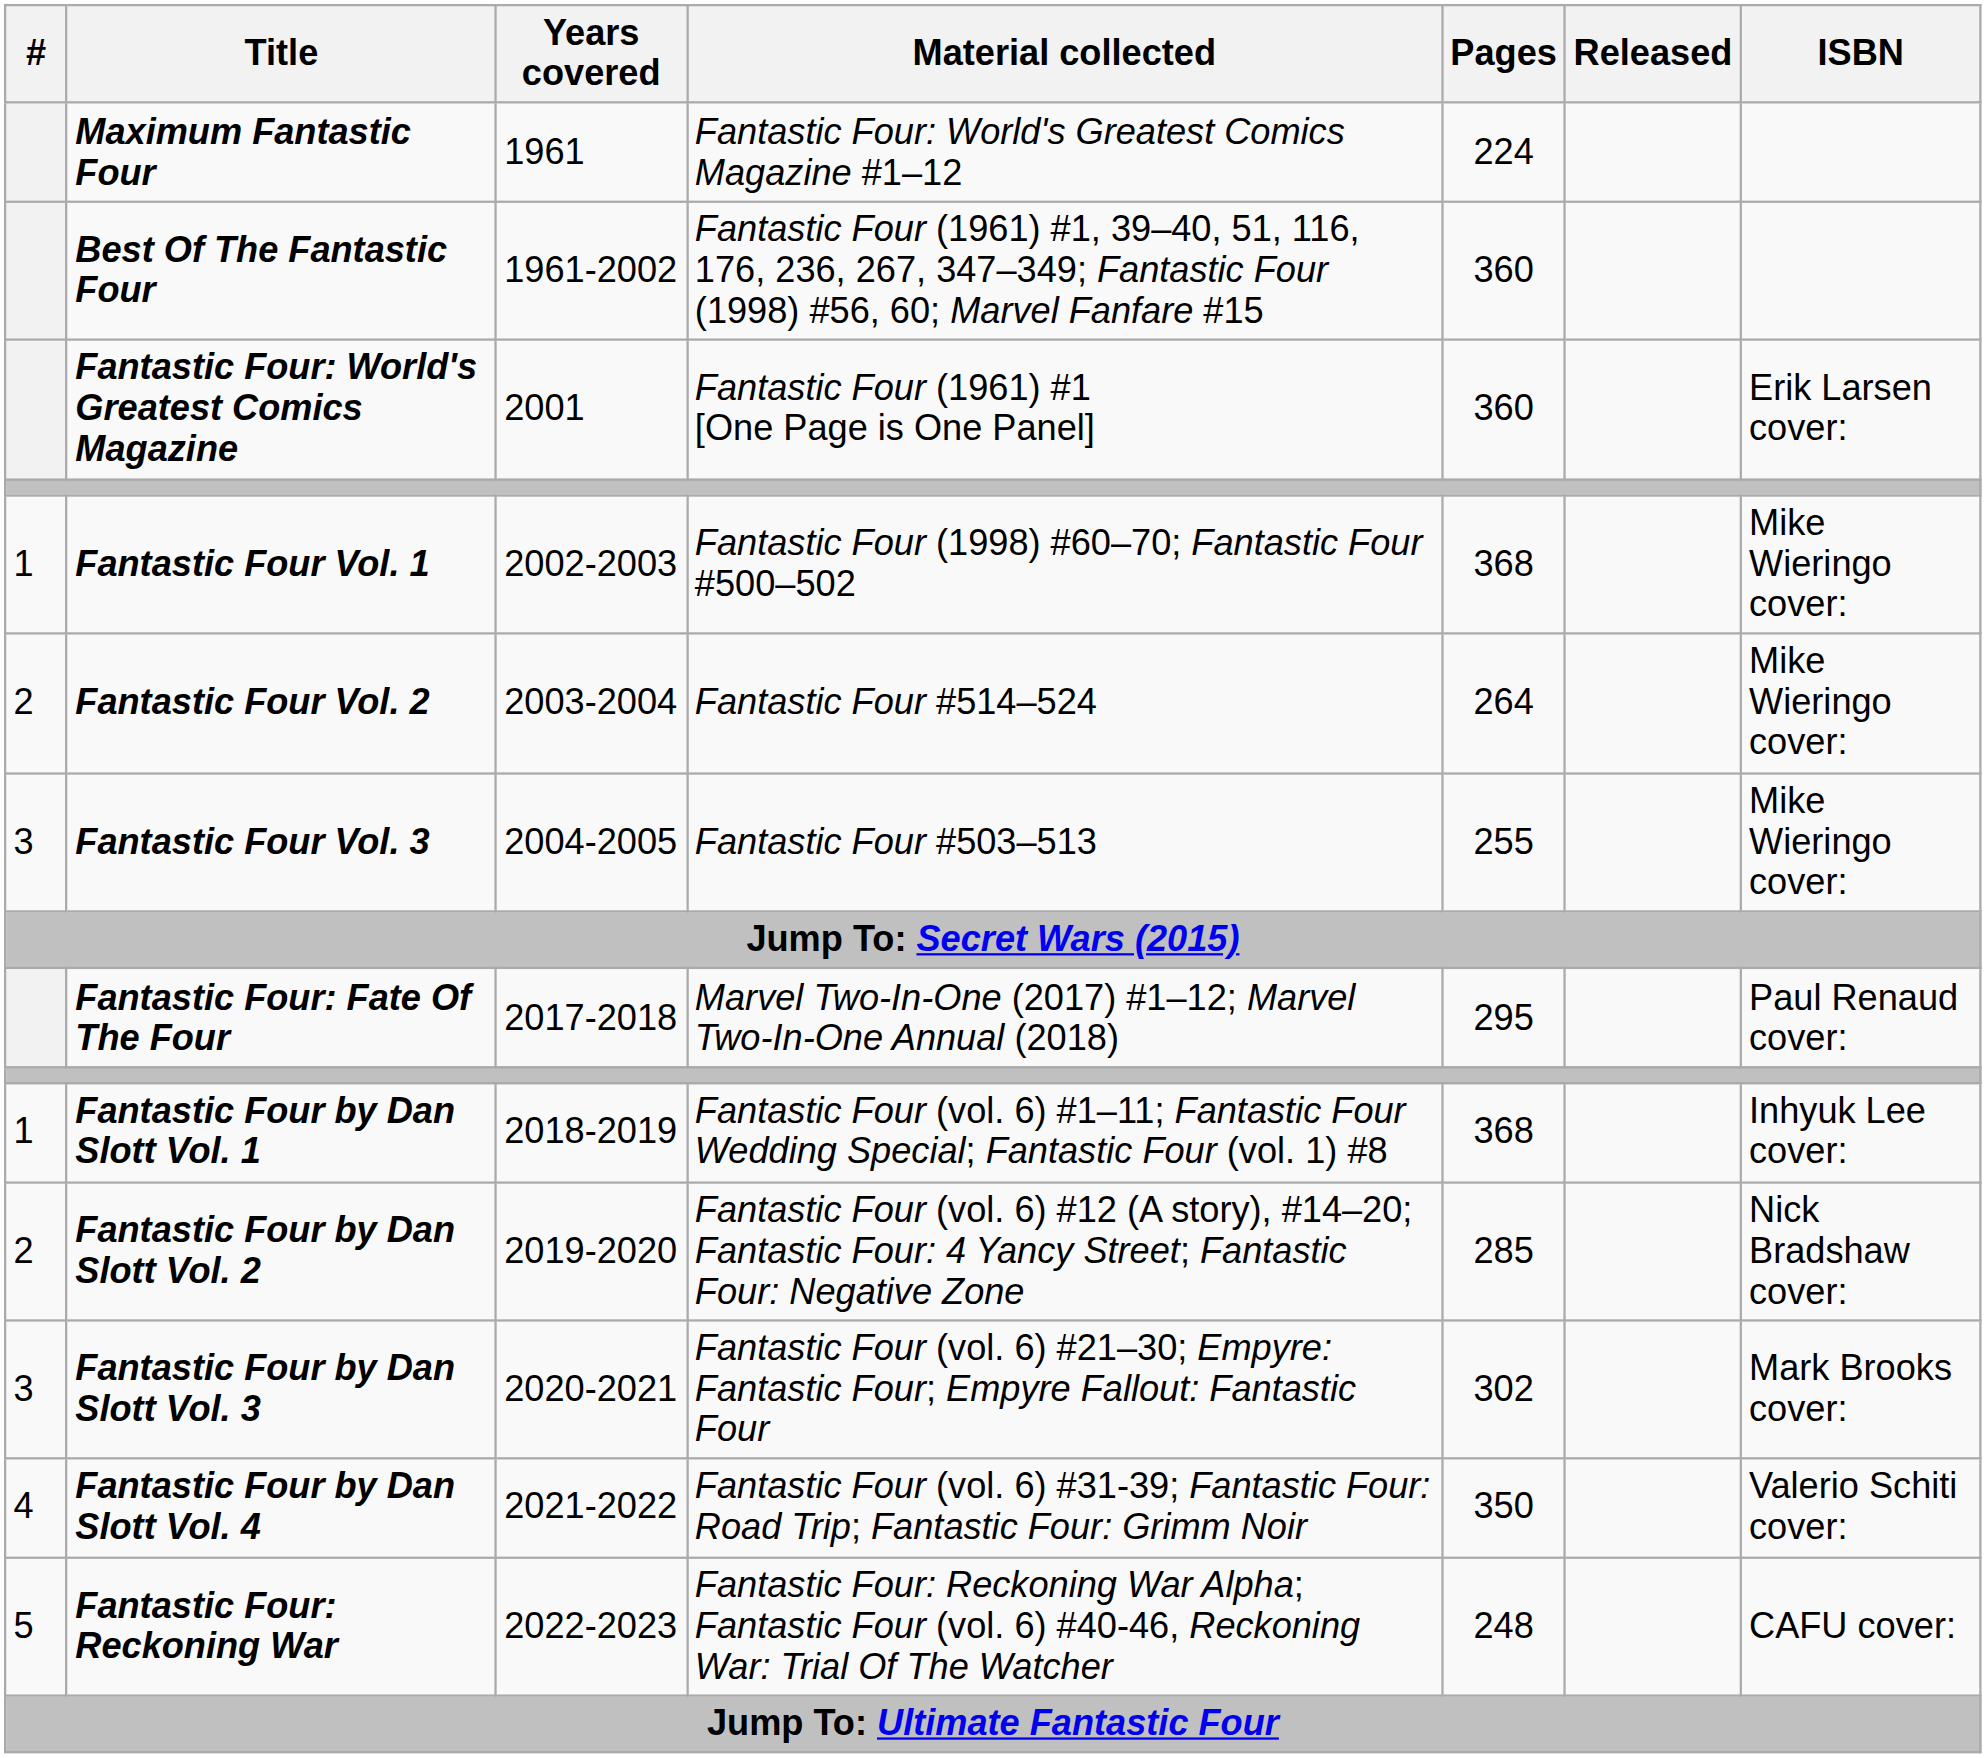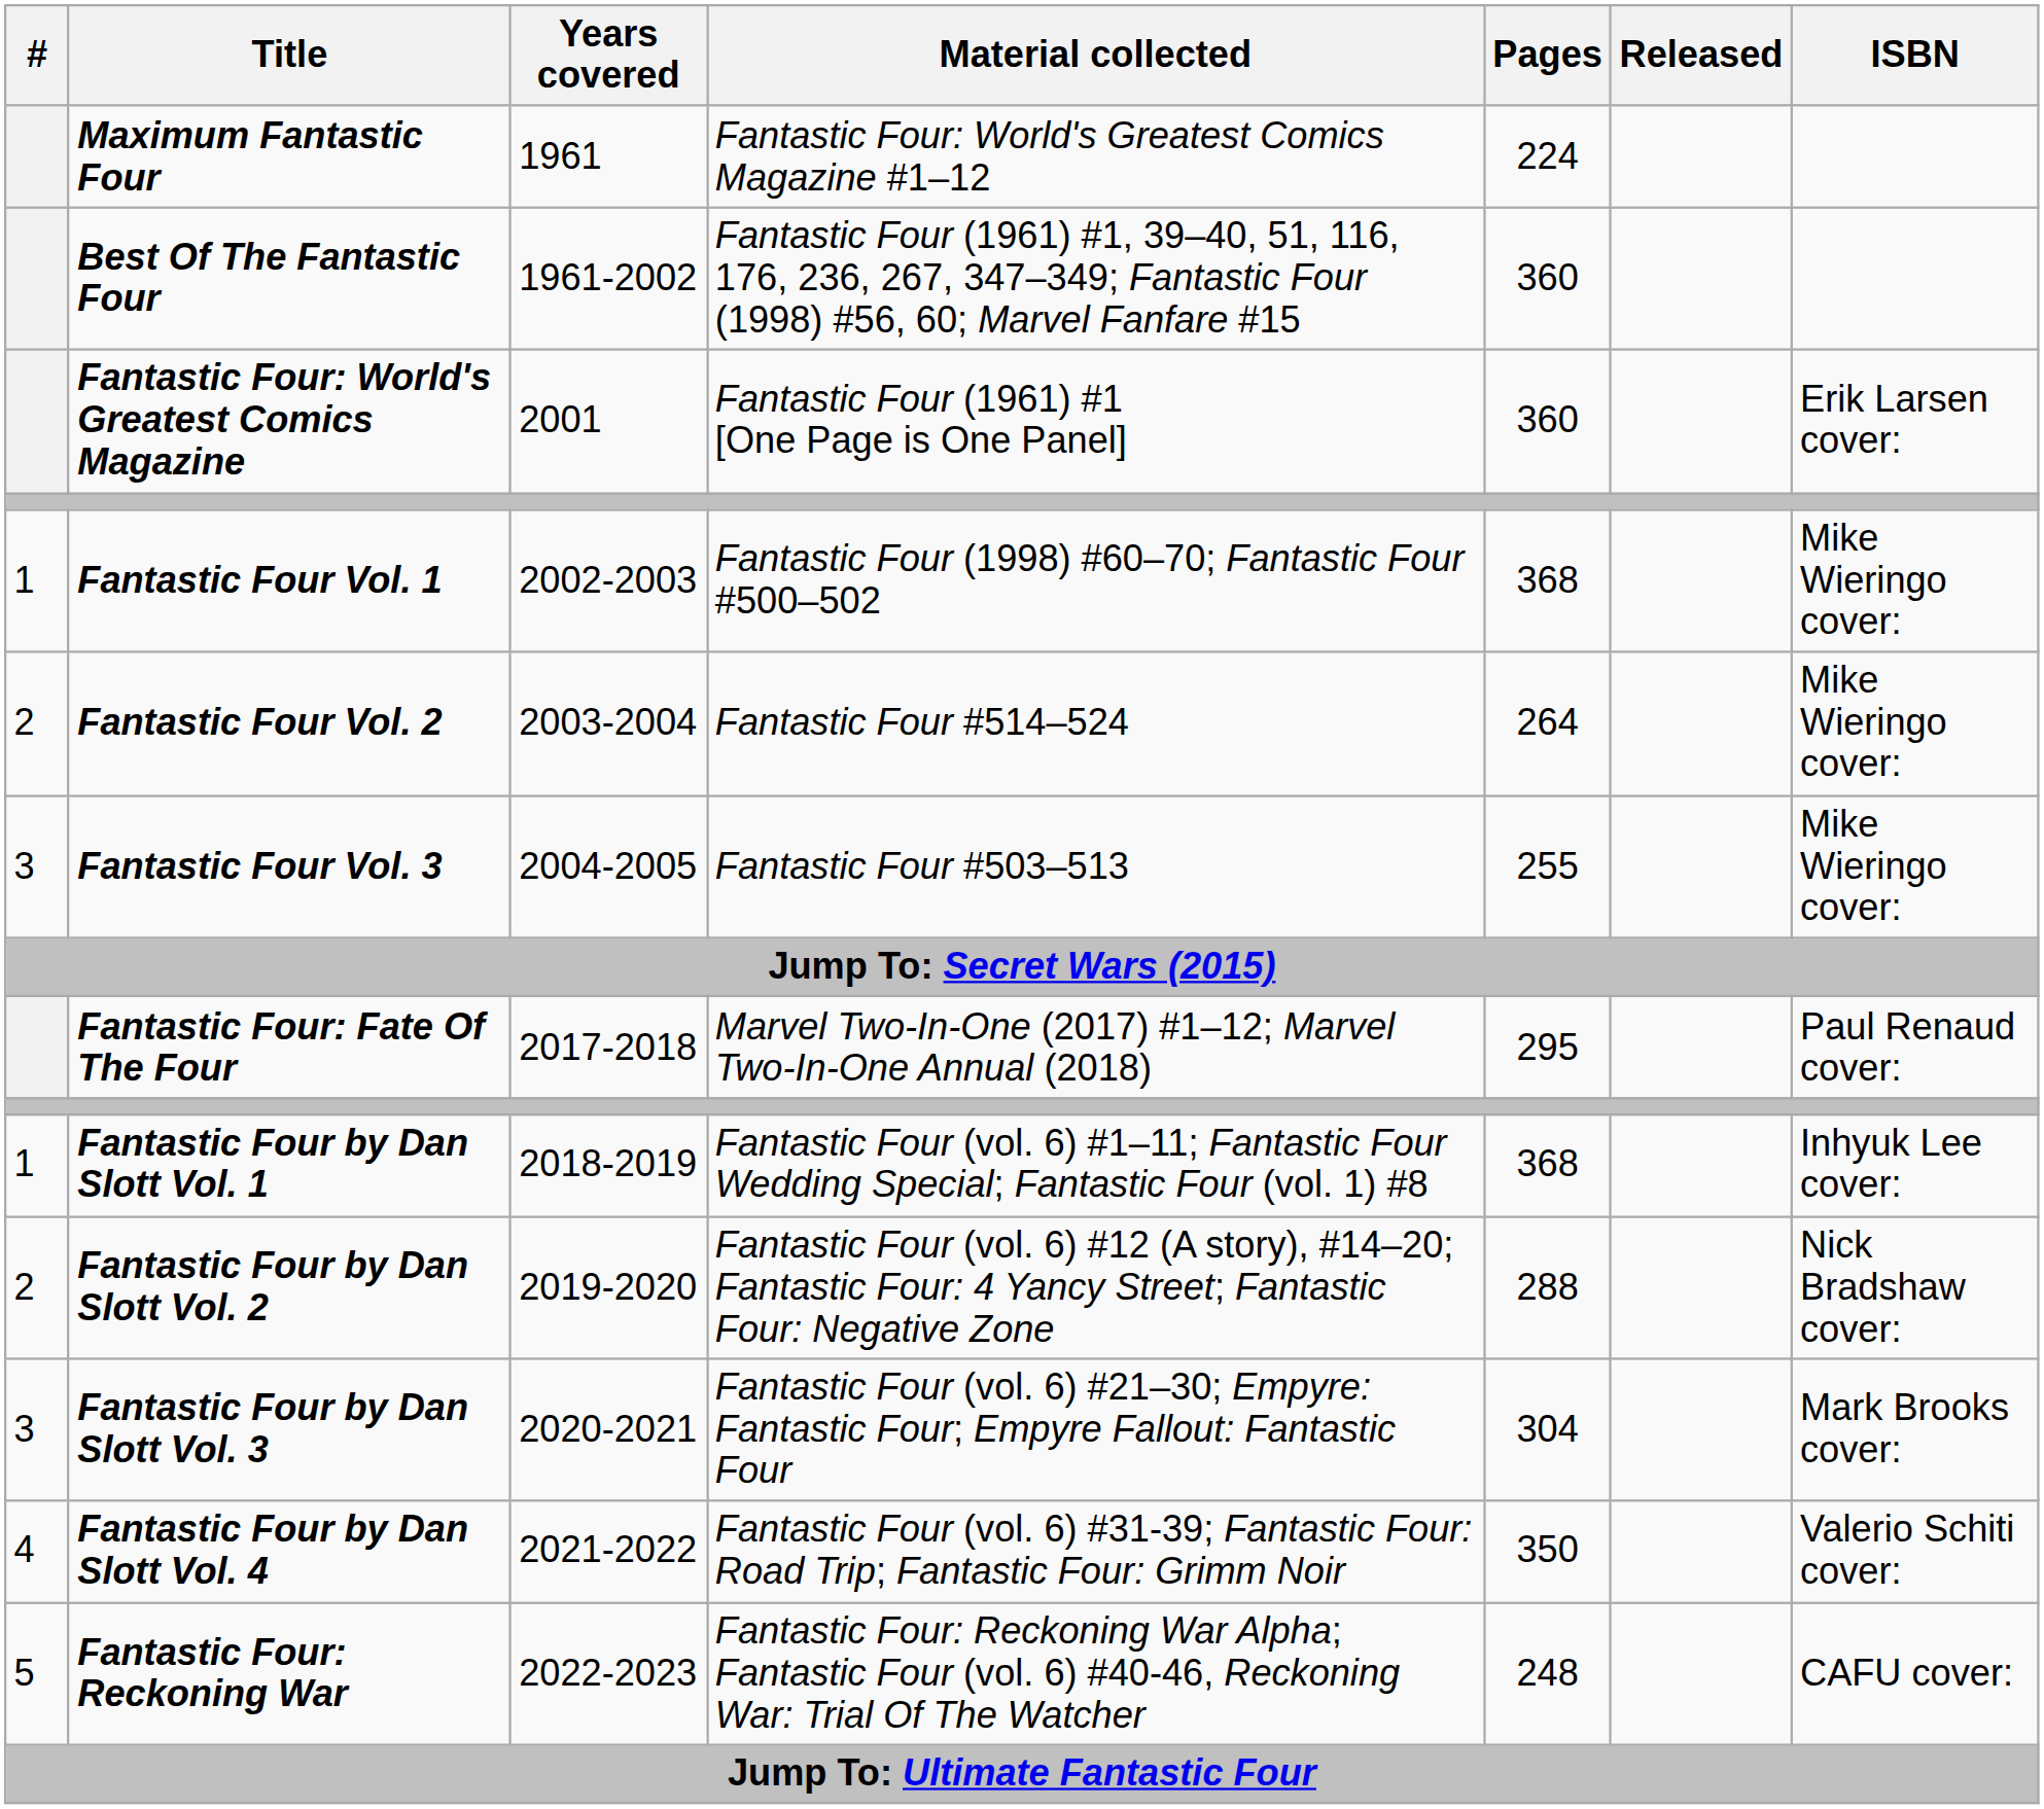 <table class="wikitable sortable" width=99%>
 <tr>
 <th class="unsortable" width=20px>#</th>
 <th>Title</th>
 <th>Years covered</th>
 <th class="unsortable">Material collected</th>
 <th>Pages</th>
 <th>Released</th>
 <th class="unsortable">ISBN</th>
 </tr>
 <tr>
 <th></th>
 <td><strong><em>Maximum Fantastic Four</em></strong></td>
 <td>1961</td>
 <td><em>Fantastic Four: World's Greatest Comics Magazine</em> #1–12</td>
 <td style="text-align: center;">224</td>
 <td></td>
 <td></td>
 </tr>
 <tr>
 <th></th>
 <td><strong><em>Best Of The Fantastic Four</em></strong></td>
 <td>1961-2002</td>
 <td><em>Fantastic Four</em> (1961) #1, 39–40, 51, 116, 176, 236, 267, 347–349; <em>Fantastic Four</em> (1998) #56, 60; <em>Marvel Fanfare</em> #15</td>
 <td style="text-align: center;">360</td>
 <td></td>
 <td></td>
 </tr>
 <tr>
 <th style="background-color: light grey;"></th>
 <td><strong><em>Fantastic Four: World's Greatest Comics Magazine</em></strong></td>
 <td>2001</td>
 <td><em>Fantastic Four</em> (1961) #1<br>[One Page is One Panel]</td>
 <td style="text-align: center;">360</td>
 <td></td>
 <td>Erik Larsen cover: </td>
 </tr>
 <tr>
 <th colspan=7 style="background-color: silver;"></th>
 </tr>
 <tr>
 <td>1</td>
 <td><strong><em>Fantastic Four Vol. 1</em></strong></td>
 <td>2002-2003</td>
 <td><em>Fantastic Four</em> (1998) #60–70; <em>Fantastic Four</em> #500–502</td>
 <td style="text-align: center;">368</td>
 <td></td>
 <td>Mike Wieringo cover: </td>
 </tr>
 <tr>
 <td>2</td>
 <td><strong><em>Fantastic Four Vol. 2</em></strong></td>
 <td>2003-2004</td>
 <td><em>Fantastic Four</em> #514–524</td>
 <td style="text-align: center;">264</td>
 <td></td>
 <td>Mike Wieringo cover: </td>
 </tr>
 <tr>
 <td>3</td>
 <td><strong><em>Fantastic Four Vol. 3</em></strong></td>
 <td>2004-2005</td>
 <td><em>Fantastic Four</em> #503–513</td>
 <td style="text-align: center;">255</td>
 <td></td>
 <td>Mike Wieringo cover: </td>
 </tr>
 <tr>
 <th colspan=7 style="background-color: silver;">Jump To: <a href='#'><em>Secret Wars (2015)</em></a></th>
 </tr>
 <tr>
 <th style="background-color: light grey;"></th>
 <td><strong><em>Fantastic Four: Fate Of The Four</em></strong></td>
 <td>2017-2018</td>
 <td><em>Marvel Two-In-One</em> (2017) #1–12; <em>Marvel Two-In-One Annual</em> (2018)</td>
 <td style="text-align: center;">295</td>
 <td></td>
 <td>Paul Renaud cover: </td>
 </tr>
 <tr>
 <th colspan=7 style="background-color: silver;"></th>
 </tr>
 <tr>
 <td>1</td>
 <td><strong><em>Fantastic Four by Dan Slott Vol. 1</em></strong></td>
 <td>2018-2019</td>
 <td><em>Fantastic Four</em> (vol. 6) #1–11; <em>Fantastic Four Wedding Special</em>; <em>Fantastic Four</em> (vol. 1) #8</td>
 <td style="text-align: center;">368</td>
 <td></td>
 <td>Inhyuk Lee cover: </td>
 </tr>
 <tr>
 <td>2</td>
 <td><strong><em>Fantastic Four by Dan Slott Vol. 2</em></strong></td>
 <td>2019-2020</td>
 <td><em>Fantastic Four</em> (vol. 6) #12 (A story), #14–20; <em>Fantastic Four: 4 Yancy Street</em>; <em>Fantastic Four: Negative Zone</em></td>
-<td style="text-align: center;">285</td>
+<td style="text-align: center;">288</td>
 <td></td>
 <td>Nick Bradshaw cover: </td>
 </tr>
 <tr>
 <td>3</td>
 <td><strong><em>Fantastic Four by Dan Slott Vol. 3</em></strong></td>
 <td>2020-2021</td>
 <td><em>Fantastic Four</em> (vol. 6) #21–30; <em>Empyre: Fantastic Four</em>; <em>Empyre Fallout: Fantastic Four</em></td>
-<td style="text-align: center;">302</td>
+<td style="text-align: center;">304</td>
 <td></td>
 <td>Mark Brooks cover: </td>
 </tr>
 <tr>
 <td>4</td>
 <td><strong><em>Fantastic Four by Dan Slott Vol. 4</em></strong></td>
 <td>2021-2022</td>
 <td><em>Fantastic Four</em> (vol. 6) #31-39; <em>Fantastic Four: Road Trip</em>; <em>Fantastic Four: Grimm Noir</em></td>
 <td style="text-align: center;">350</td>
 <td></td>
 <td>Valerio Schiti cover: </td>
 </tr>
 <tr>
 <td>5</td>
 <td><strong><em>Fantastic Four: Reckoning War</em></strong></td>
 <td>2022-2023</td>
 <td><em>Fantastic Four: Reckoning War Alpha</em>; <em>Fantastic Four</em> (vol. 6) #40-46, <em>Reckoning War: Trial Of The Watcher</em></td>
 <td style="text-align: center;">248</td>
 <td></td>
 <td>CAFU cover: </td>
 </tr>
 <tr>
 <th colspan=7 style="background-color: silver;">Jump To: <a href='#'><em>Ultimate Fantastic Four</em></a></th>
 </tr>
 </table>
